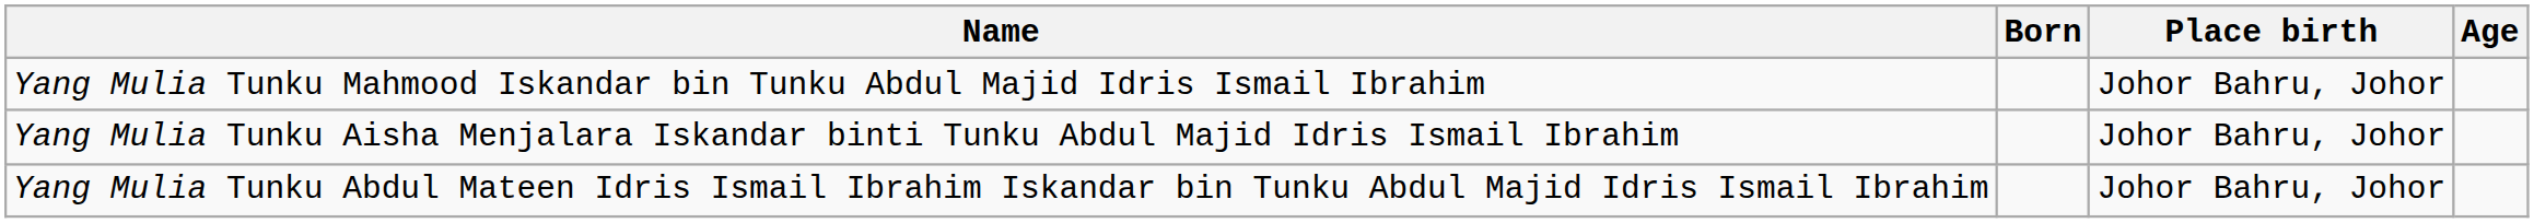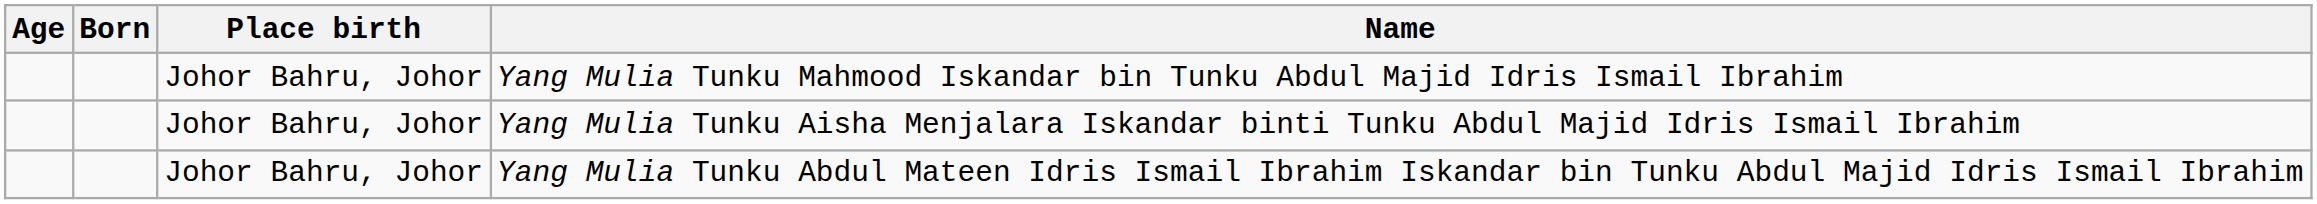 <table Class="wikitable">
 <tr>
-<th>Name</th>
+<th>Age</th>
 <th>Born</th>
 <th>Place birth</th>
-<th>Age</th>
+<th>Name</th>
 </tr>
 <tr>
-<td><em>Yang Mulia</em> Tunku Mahmood Iskandar bin Tunku Abdul Majid Idris Ismail Ibrahim</td>
+<td></td>
 <td></td>
 <td>Johor Bahru, Johor</td>
-<td></td>
+<td><em>Yang Mulia</em> Tunku Mahmood Iskandar bin Tunku Abdul Majid Idris Ismail Ibrahim</td>
 </tr>
 <tr>
-<td><em> Yang Mulia</em> Tunku Aisha Menjalara Iskandar binti Tunku Abdul Majid Idris Ismail Ibrahim</td>
+<td></td>
 <td></td>
 <td>Johor Bahru, Johor</td>
-<td></td>
+<td><em> Yang Mulia</em> Tunku Aisha Menjalara Iskandar binti Tunku Abdul Majid Idris Ismail Ibrahim</td>
 </tr>
 <tr>
-<td><em>Yang Mulia</em> Tunku Abdul Mateen Idris Ismail Ibrahim Iskandar bin Tunku Abdul Majid Idris Ismail Ibrahim</td>
+<td></td>
 <td></td>
 <td>Johor Bahru, Johor</td>
-<td></td>
+<td><em>Yang Mulia</em> Tunku Abdul Mateen Idris Ismail Ibrahim Iskandar bin Tunku Abdul Majid Idris Ismail Ibrahim</td>
 </tr>
 </table>
